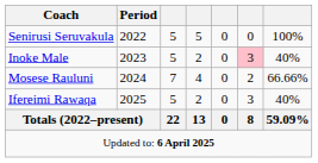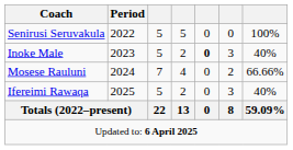 <table class="wikitable" style="text-align: center;">
 <tr>
 <th>Coach</th>
 <th>Period</th>
 <th style="width:1.5em;"></th>
 <th style="width:1.5em;"></th>
 <th style="width:1.5em;"></th>
 <th style="width:1.5em;"></th>
 <th></th>
 </tr>
 <tr>
 <td align="left"> <a href='#'>Senirusi Seruvakula</a></td>
 <td align="left">2022</td>
 <td>5</td>
 <td>5</td>
 <td>0</td>
 <td>0</td>
 <td>100%</td>
 </tr>
 <tr>
 <td align="left"> <a href='#'>Inoke Male</a></td>
 <td align="left">2023</td>
 <td>5</td>
 <td>2</td>
-<td>0</td>
-<td style="background: pink;">3</td>
+<td><strong>0</strong></td>
+<td>3</td>
 <td>40%</td>
 </tr>
 <tr>
 <td align="left"> <a href='#'>Mosese Rauluni</a></td>
 <td align="left">2024</td>
 <td>7</td>
 <td>4</td>
 <td>0</td>
 <td>2</td>
 <td>66.66%</td>
 </tr>
 <tr>
 <td align="left"> <a href='#'>Ifereimi Rawaqa</a></td>
 <td align="left">2025</td>
 <td>5</td>
 <td>2</td>
 <td>0</td>
 <td>3</td>
 <td>40%</td>
 </tr>
 <tr>
 <th colspan="2">Totals (2022–present)</th>
 <th>22</th>
 <th>13</th>
 <th>0</th>
 <th>8</th>
 <th>59.09%</th>
 </tr>
 <tr align="center">
 <td colspan="7" style="border-bottom:1px transparent; line-height:150%;"><small>Updated to: <strong>6 April 2025</strong></small></td>
 </tr>
 </table>
